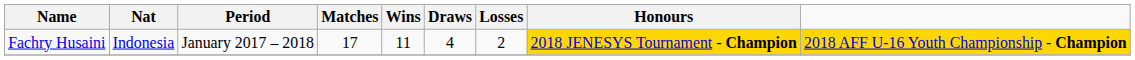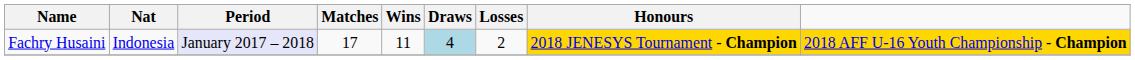 <table class="wikitable">
 <tr>
 <th>Name</th>
 <th>Nat</th>
 <th>Period</th>
 <th>Matches</th>
 <th>Wins</th>
 <th>Draws</th>
 <th>Losses</th>
 <th>Honours</th>
 </tr>
 <tr>
 <td><a href='#'>Fachry Husaini</a></td>
 <td align="center"> <a href='#'>Indonesia</a></td>
-<td align="center">January 2017 – 2018</td>
+<td align="center" style="background: lavender;">January 2017 – 2018</td>
 <td align="center">17</td>
 <td align="center">11</td>
-<td align="center">4</td>
+<td align="center" style="background: lightblue;">4</td>
 <td align="center">2</td>
 <td style=background:gold><a href='#'>2018 JENESYS Tournament</a> - <strong>Champion</strong></td>
 <td style=background:gold><a href='#'>2018 AFF U-16 Youth Championship</a> - <strong>Champion</strong></td>
 </tr>
 <tr>
 </tr>
 </table>
